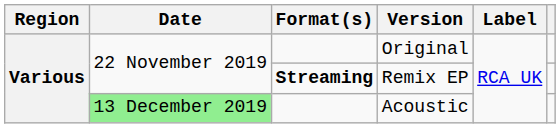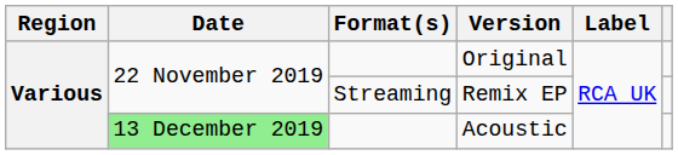 <table class="wikitable plainrowheaders">
 <tr>
 <th scope="col">Region</th>
 <th scope="col">Date</th>
 <th scope="col">Format(s)</th>
 <th scope="col">Version</th>
 <th scope="col">Label</th>
 <th scope="col"></th>
 </tr>
 <tr>
 <th scope="row" rowspan="3">Various</th>
 <td rowspan="2">22 November 2019</td>
 <td></td>
 <td>Original</td>
 <td rowspan="3"><a href='#'>RCA UK</a></td>
 <td align="center"></td>
 </tr>
 <tr>
-<td><strong>Streaming</strong></td>
+<td>Streaming</td>
 <td>Remix EP</td>
 <td align="center"></td>
 </tr>
 <tr>
 <td style="background: lightgreen;">13 December 2019</td>
 <td></td>
 <td>Acoustic</td>
 <td align="center"></td>
 </tr>
 </table>
